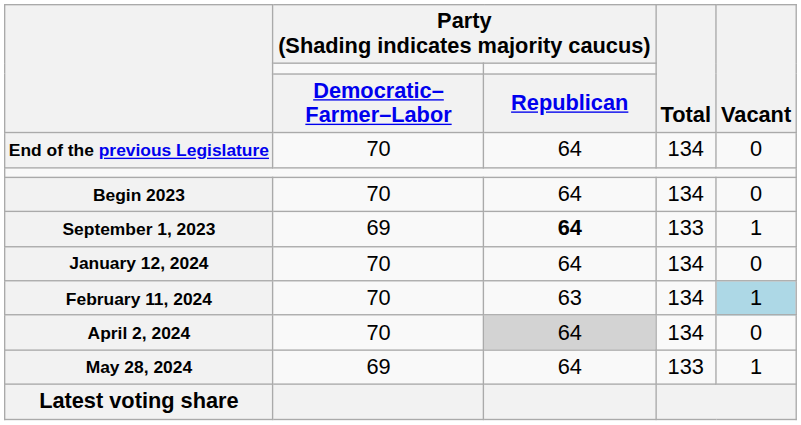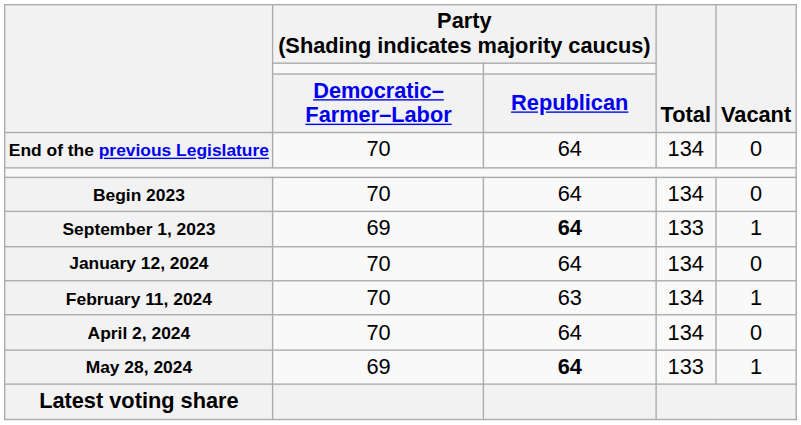 <table class=wikitable style="text-align:center">
 <tr style="vertical-align:bottom;">
 <th rowspan="3"></th>
 <th colspan=2>Party <div>(Shading indicates majority caucus)</div></th>
 <th rowspan="3">Total</th>
 <th rowspan="3">Vacant</th>
 </tr>
 <tr>
 <td style="background-color:"></td>
 <td style="background-color:"></td>
 </tr>
 <tr>
 <th><a href='#'>Democratic–<br>Farmer–Labor</a></th>
 <th><a href='#'>Republican</a></th>
 </tr>
 <tr>
 <th nowrap style="font-size:80%">End of the <a href='#'>previous Legislature</a></th>
 <td>70</td>
 <td>64</td>
 <td>134</td>
 <td>0</td>
 </tr>
 <tr>
 <td colspan=8></td>
 </tr>
 <tr>
 <th nowrap="" style="font-size:80%">Begin 2023</th>
 <td>70</td>
 <td>64</td>
 <td>134</td>
 <td>0</td>
 </tr>
 <tr>
 <th nowrap="" style="font-size:80%">September 1, 2023</th>
 <td>69</td>
 <td><strong>64</strong></td>
 <td>133</td>
 <td>1</td>
 </tr>
 <tr>
 <th nowrap="" style="font-size:80%">January 12, 2024</th>
 <td>70</td>
 <td>64</td>
 <td>134</td>
 <td>0</td>
 </tr>
 <tr>
 <th nowrap="" style="font-size:80%">February 11, 2024</th>
 <td>70</td>
 <td>63</td>
 <td>134</td>
-<td style="background: lightblue;">1</td>
+<td>1</td>
 </tr>
 <tr>
 <th nowrap="" style="font-size:80%">April 2, 2024</th>
 <td>70</td>
-<td style="background: lightgrey;">64</td>
+<td>64</td>
 <td>134</td>
 <td>0</td>
 </tr>
 <tr>
 <th nowrap="" style="font-size:80%">May 28, 2024</th>
 <td>69</td>
-<td>64</td>
+<td><strong>64</strong></td>
 <td>133</td>
 <td>1</td>
 </tr>
 <tr>
 <th>Latest voting share</th>
 <th></th>
 <th></th>
 <th colspan=2></th>
 </tr>
 </table>
